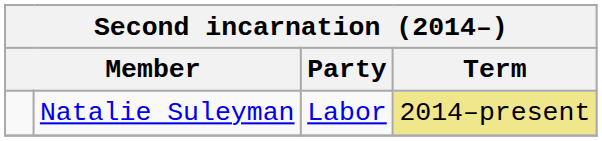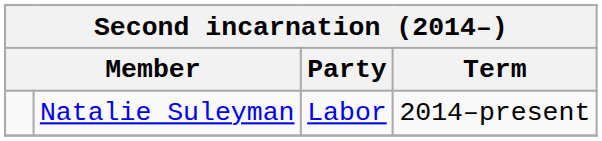 <table class="wikitable">
 <tr>
 <th colspan="4">Second incarnation (2014–)</th>
 </tr>
 <tr>
 <th colspan="2">Member</th>
 <th>Party</th>
 <th>Term</th>
 </tr>
 <tr>
 <td> </td>
 <td><a href='#'>Natalie Suleyman</a></td>
 <td><a href='#'>Labor</a></td>
-<td style="background: khaki;">2014–present</td>
+<td>2014–present</td>
 </tr>
 <tr>
 </tr>
 </table>
